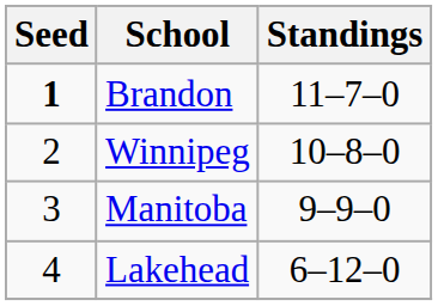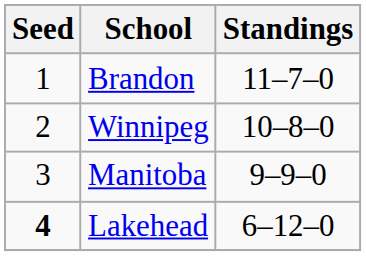 <table class="wikitable">
 <tr>
 <th>Seed</th>
 <th>School</th>
 <th>Standings</th>
 </tr>
 <tr>
-<td align=center><strong>1</strong></td>
+<td align=center>1</td>
 <td><a href='#'>Brandon</a></td>
 <td align=center>11–7–0</td>
 </tr>
 <tr>
 <td align=center>2</td>
 <td><a href='#'>Winnipeg</a></td>
 <td align=center>10–8–0</td>
 </tr>
 <tr>
 <td align=center>3</td>
 <td><a href='#'>Manitoba</a></td>
 <td align=center>9–9–0</td>
 </tr>
 <tr>
-<td align=center>4</td>
+<td align=center><strong>4</strong></td>
 <td><a href='#'>Lakehead</a></td>
 <td align=center>6–12–0</td>
 </tr>
 <tr>
 </tr>
 </table>
